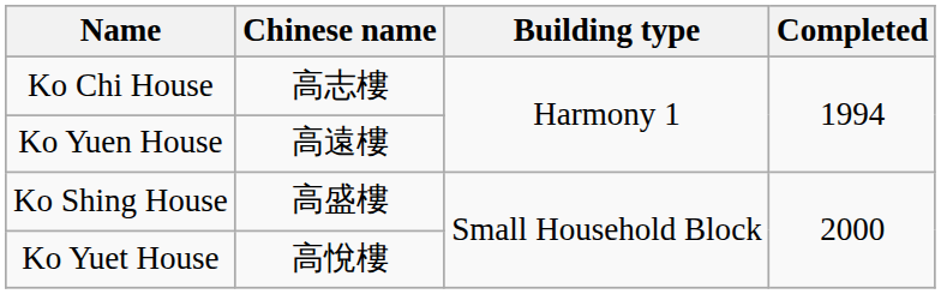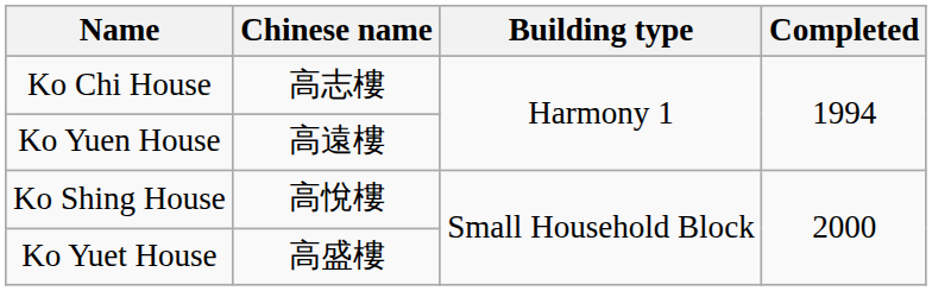 <table class="wikitable" style="text-align: center">
 <tr>
 <th>Name</th>
 <th>Chinese name</th>
 <th>Building type</th>
 <th>Completed</th>
 </tr>
 <tr>
 <td>Ko Chi House</td>
 <td>高志樓</td>
 <td rowspan="2">Harmony 1</td>
 <td rowspan="2">1994</td>
 </tr>
 <tr>
 <td>Ko Yuen House</td>
 <td>高遠樓</td>
 </tr>
 <tr>
 <td>Ko Shing House</td>
-<td>高盛樓</td>
+<td>高悅樓</td>
 <td rowspan="2">Small Household Block</td>
 <td rowspan="2">2000</td>
 </tr>
 <tr>
 <td>Ko Yuet House</td>
-<td>高悅樓</td>
+<td>高盛樓</td>
 </tr>
 </table>
